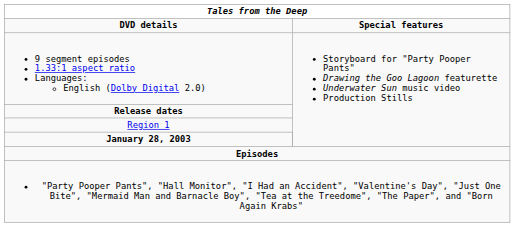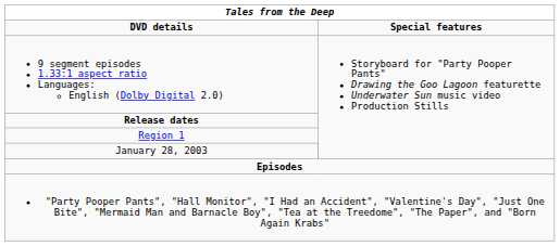 <table class="wikitable" style="font-size: 95%;">
 <tr style="background:#FFF; color:#000;">
 <td colspan="4" align="center"><strong><em>Tales from the Deep</em></strong></td>
 </tr>
 <tr valign="top">
 <td style="text-align:center; width:400px;" colspan="3"><strong>DVD details</strong></td>
 <td style="width:300px; text-align:center;"><strong>Special features</strong></td>
 </tr>
 <tr valign="top">
 <td colspan="3" style="text-align:left; width:400px;"><br><ul><li>9 segment episodes</li><li><a href='#'>1.33:1 aspect ratio</a></li><li>Languages:<ul><li>English (<a href='#'>Dolby Digital</a> 2.0)</li></ul></li></ul></td>
 <td rowspan="4" style="text-align:left; width:300px;"><br><ul><li>Storyboard for "Party Pooper Pants"</li><li><em>Drawing the Goo Lagoon</em> featurette</li><li><em>Underwater Sun</em> music video</li><li>Production Stills</li></ul></td>
 </tr>
 <tr>
 <td colspan="3" style="text-align:center;"><strong>Release dates</strong></td>
 </tr>
 <tr>
 <td colspan="3" style="text-align:center;"><a href='#'>Region 1</a></td>
 </tr>
 <tr style="text-align:center;">
-<td><strong>January 28, 2003</strong></td>
+<td>January 28, 2003</td>
 </tr>
 <tr>
 <td style="text-align:center; width:400px;" colspan="4"><strong>Episodes</strong></td>
 </tr>
 <tr>
 <td style="text-align:center; width:400px;" colspan="4"><br><ul><li>"Party Pooper Pants", "Hall Monitor", "I Had an Accident", "Valentine's Day", "Just One Bite", "Mermaid Man and Barnacle Boy", "Tea at the Treedome", "The Paper", and "Born Again Krabs"</li></ul></td>
 </tr>
 </table>
